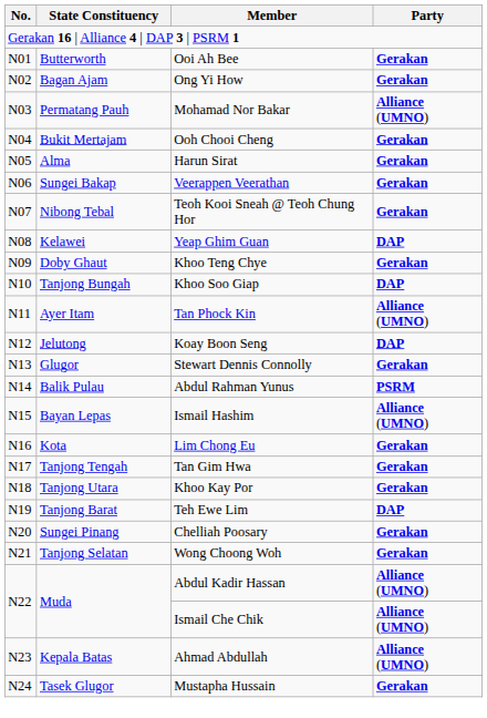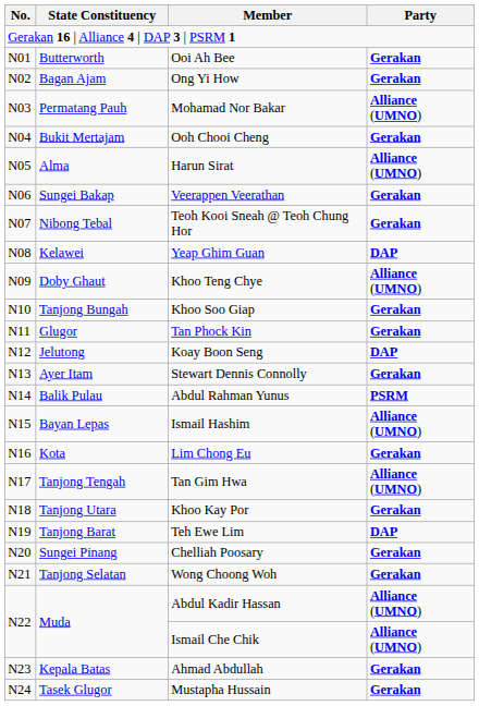 <table class="wikitable sortable">
 <tr>
 <th style="width:30px;">No.</th>
 <th style="width:150px;">State Constituency</th>
 <th style="width:230px;">Member</th>
 <th style="width:120px;">Party</th>
 </tr>
 <tr>
 <td colspan="4"><a href='#'>Gerakan</a> <strong>16</strong> | <a href='#'>Alliance</a> <strong>4</strong> | <a href='#'>DAP</a> <strong>3</strong> | <a href='#'>PSRM</a> <strong>1</strong></td>
 </tr>
 <tr>
 <td>N01</td>
 <td><a href='#'>Butterworth</a></td>
 <td>Ooi Ah Bee</td>
 <td><strong><a href='#'>Gerakan</a></strong></td>
 </tr>
 <tr>
 <td>N02</td>
 <td><a href='#'>Bagan Ajam</a></td>
 <td>Ong Yi How</td>
 <td><strong><a href='#'>Gerakan</a></strong></td>
 </tr>
 <tr>
 <td>N03</td>
 <td><a href='#'>Permatang Pauh</a></td>
 <td>Mohamad Nor Bakar</td>
 <td><strong><a href='#'>Alliance</a></strong> (<strong><a href='#'>UMNO</a></strong>)</td>
 </tr>
 <tr>
 <td>N04</td>
 <td><a href='#'>Bukit Mertajam</a></td>
 <td>Ooh Chooi Cheng</td>
 <td><strong><a href='#'>Gerakan</a></strong></td>
 </tr>
 <tr>
 <td>N05</td>
 <td><a href='#'>Alma</a></td>
 <td>Harun Sirat</td>
-<td><strong><a href='#'>Gerakan</a></strong></td>
+<td><strong><a href='#'>Alliance</a></strong> (<strong><a href='#'>UMNO</a></strong>)</td>
 </tr>
 <tr>
 <td>N06</td>
 <td><a href='#'>Sungei Bakap</a></td>
 <td><a href='#'>Veerappen Veerathan</a></td>
 <td><strong><a href='#'>Gerakan</a></strong></td>
 </tr>
 <tr>
 <td>N07</td>
 <td><a href='#'>Nibong Tebal</a></td>
 <td>Teoh Kooi Sneah @ Teoh Chung Hor</td>
 <td><strong><a href='#'>Gerakan</a></strong></td>
 </tr>
 <tr>
 <td>N08</td>
 <td><a href='#'>Kelawei</a></td>
 <td><a href='#'>Yeap Ghim Guan</a></td>
 <td><strong><a href='#'>DAP</a></strong></td>
 </tr>
 <tr>
 <td>N09</td>
 <td><a href='#'>Doby Ghaut</a></td>
 <td>Khoo Teng Chye</td>
-<td><strong><a href='#'>Gerakan</a></strong></td>
+<td><strong><a href='#'>Alliance</a></strong> (<strong><a href='#'>UMNO</a></strong>)</td>
 </tr>
 <tr>
 <td>N10</td>
 <td><a href='#'>Tanjong Bungah</a></td>
 <td>Khoo Soo Giap</td>
-<td><strong><a href='#'>DAP</a></strong></td>
+<td><strong><a href='#'>Gerakan</a></strong></td>
 </tr>
 <tr>
 <td>N11</td>
-<td><a href='#'>Ayer Itam</a></td>
+<td><a href='#'>Glugor</a></td>
 <td><a href='#'>Tan Phock Kin</a></td>
-<td><strong><a href='#'>Alliance</a></strong> (<strong><a href='#'>UMNO</a></strong>)</td>
+<td><strong><a href='#'>Gerakan</a></strong></td>
 </tr>
 <tr>
 <td>N12</td>
 <td><a href='#'>Jelutong</a></td>
 <td>Koay Boon Seng</td>
 <td><strong><a href='#'>DAP</a></strong></td>
 </tr>
 <tr>
 <td>N13</td>
-<td><a href='#'>Glugor</a></td>
+<td><a href='#'>Ayer Itam</a></td>
 <td>Stewart Dennis Connolly</td>
 <td><strong><a href='#'>Gerakan</a></strong></td>
 </tr>
 <tr>
 <td>N14</td>
 <td><a href='#'>Balik Pulau</a></td>
 <td>Abdul Rahman Yunus</td>
 <td><strong><a href='#'>PSRM</a></strong></td>
 </tr>
 <tr>
 <td>N15</td>
 <td><a href='#'>Bayan Lepas</a></td>
 <td>Ismail Hashim</td>
 <td><strong><a href='#'>Alliance</a></strong> (<strong><a href='#'>UMNO</a></strong>)</td>
 </tr>
 <tr>
 <td>N16</td>
 <td><a href='#'>Kota</a></td>
 <td><a href='#'>Lim Chong Eu</a></td>
 <td><strong><a href='#'>Gerakan</a></strong></td>
 </tr>
 <tr>
 <td>N17</td>
 <td><a href='#'>Tanjong Tengah</a></td>
 <td>Tan Gim Hwa</td>
-<td><strong><a href='#'>Gerakan</a></strong></td>
+<td><strong><a href='#'>Alliance</a></strong> (<strong><a href='#'>UMNO</a></strong>)</td>
 </tr>
 <tr>
 <td>N18</td>
 <td><a href='#'>Tanjong Utara</a></td>
 <td>Khoo Kay Por</td>
 <td><strong><a href='#'>Gerakan</a></strong></td>
 </tr>
 <tr>
 <td>N19</td>
 <td><a href='#'>Tanjong Barat</a></td>
 <td>Teh Ewe Lim</td>
 <td><strong><a href='#'>DAP</a></strong></td>
 </tr>
 <tr>
 <td>N20</td>
 <td><a href='#'>Sungei Pinang</a></td>
 <td>Chelliah Poosary</td>
 <td><strong><a href='#'>Gerakan</a></strong></td>
 </tr>
 <tr>
 <td>N21</td>
 <td><a href='#'>Tanjong Selatan</a></td>
 <td>Wong Choong Woh</td>
 <td><strong><a href='#'>Gerakan</a></strong></td>
 </tr>
 <tr>
 <td rowspan=2>N22</td>
 <td rowspan=2><a href='#'>Muda</a></td>
 <td>Abdul Kadir Hassan </td>
 <td><strong><a href='#'>Alliance</a></strong> (<strong><a href='#'>UMNO</a></strong>)</td>
 </tr>
 <tr>
 <td>Ismail Che Chik </td>
 <td><strong><a href='#'>Alliance</a></strong> (<strong><a href='#'>UMNO</a></strong>)</td>
 </tr>
 <tr>
 <td>N23</td>
 <td><a href='#'>Kepala Batas</a></td>
 <td>Ahmad Abdullah</td>
-<td><strong><a href='#'>Alliance</a></strong> (<strong><a href='#'>UMNO</a></strong>)</td>
+<td><strong><a href='#'>Gerakan</a></strong></td>
 </tr>
 <tr>
 <td>N24</td>
 <td><a href='#'>Tasek Glugor</a></td>
 <td>Mustapha Hussain</td>
 <td><strong><a href='#'>Gerakan</a></strong></td>
 </tr>
 </table>
